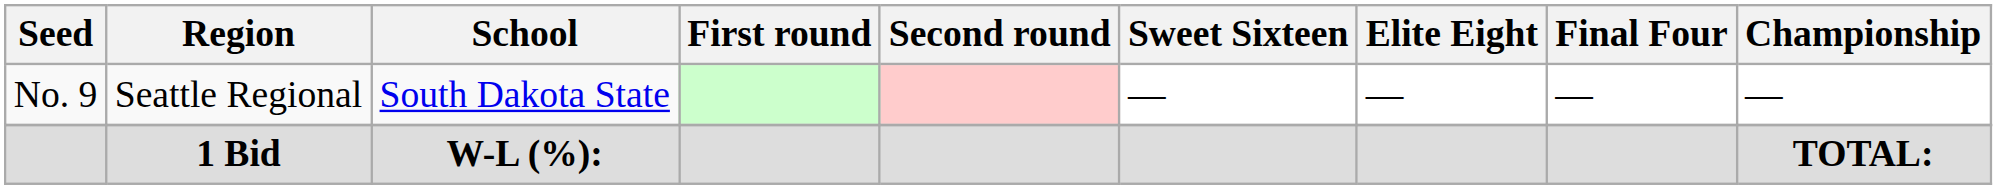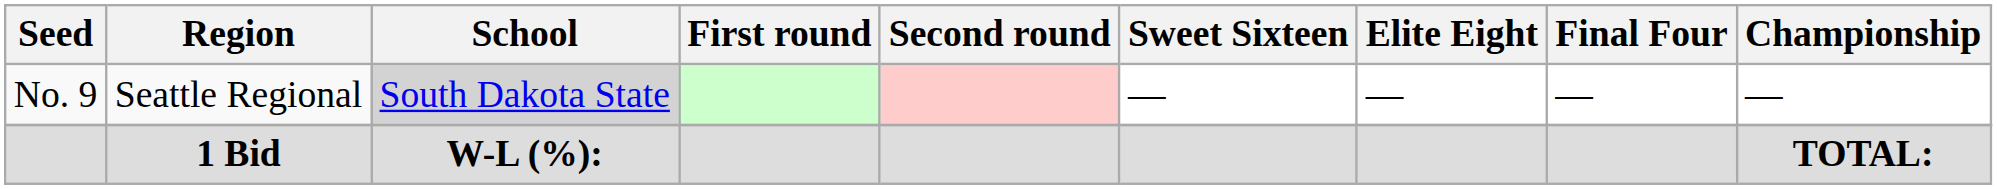 <table class="sortable wikitable" style="white-space:nowrap; font-size:100%;">
 <tr>
 <th>Seed</th>
 <th>Region</th>
 <th>School</th>
 <th>First round</th>
 <th>Second round</th>
 <th>Sweet Sixteen</th>
 <th>Elite Eight</th>
 <th>Final Four</th>
 <th>Championship</th>
 </tr>
 <tr>
 <td>No. 9</td>
 <td>Seattle Regional</td>
-<td><a href='#'>South Dakota State</a></td>
+<td style="background: lightgrey;"><a href='#'>South Dakota State</a></td>
 <td style="background:#cfc;"></td>
 <td style="background:#fcc;"></td>
 <td style="background:#fff;">—</td>
 <td style="background:#fff;">—</td>
 <td style="background:#fff;">—</td>
 <td style="background:#fff;">—</td>
 </tr>
 <tr>
 </tr>
 <tr class="sortbottom" style="text-align:center; background:#ddd;">
 <td></td>
 <td><strong>1 Bid</strong></td>
 <td><strong>W-L (%):</strong></td>
 <td></td>
 <td></td>
 <td></td>
 <td></td>
 <td></td>
 <td><strong>TOTAL:</strong> </td>
 </tr>
 </table>
